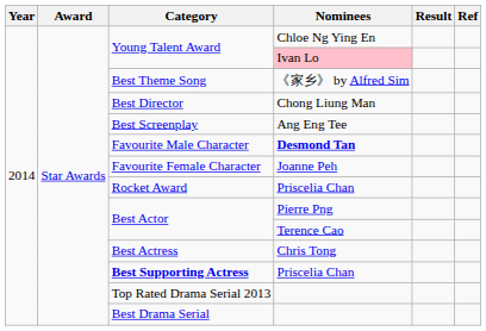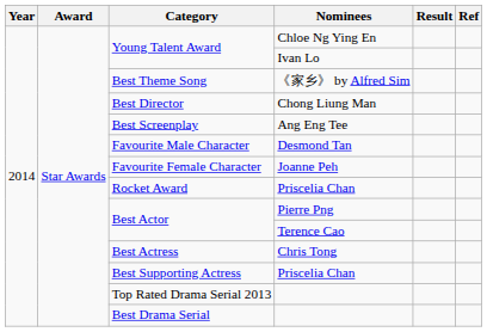 <table class="wikitable sortable">
 <tr>
 <th>Year</th>
 <th>Award</th>
 <th>Category</th>
 <th>Nominees</th>
 <th>Result</th>
 <th>Ref</th>
 </tr>
 <tr>
 <td rowspan="14">2014</td>
 <td rowspan="14"><a href='#'>Star Awards</a></td>
 <td rowspan="2"><a href='#'>Young Talent Award</a></td>
 <td>Chloe Ng Ying En</td>
 <td></td>
 <td></td>
 </tr>
 <tr>
-<td style="background: pink;">Ivan Lo</td>
+<td>Ivan Lo</td>
 <td></td>
 <td></td>
 </tr>
 <tr>
 <td><a href='#'>Best Theme Song</a></td>
 <td>《家乡》 by <a href='#'>Alfred Sim</a></td>
 <td></td>
 <td></td>
 </tr>
 <tr>
 <td><a href='#'>Best Director</a></td>
 <td>Chong Liung Man</td>
 <td></td>
 <td></td>
 </tr>
 <tr>
 <td><a href='#'>Best Screenplay</a></td>
 <td>Ang Eng Tee</td>
 <td></td>
 <td></td>
 </tr>
 <tr>
 <td><a href='#'>Favourite Male Character</a></td>
-<td><strong><a href='#'>Desmond Tan</a></strong></td>
+<td><a href='#'>Desmond Tan</a></td>
 <td></td>
 <td></td>
 </tr>
 <tr>
 <td><a href='#'>Favourite Female Character</a></td>
 <td><a href='#'>Joanne Peh</a></td>
 <td></td>
 <td></td>
 </tr>
 <tr>
 <td><a href='#'>Rocket Award</a></td>
 <td><a href='#'>Priscelia Chan</a></td>
 <td></td>
 <td></td>
 </tr>
 <tr>
 <td rowspan="2"><a href='#'>Best Actor</a></td>
 <td><a href='#'>Pierre Png</a></td>
 <td></td>
 <td></td>
 </tr>
 <tr>
 <td><a href='#'>Terence Cao</a></td>
 <td></td>
 <td></td>
 </tr>
 <tr>
 <td><a href='#'>Best Actress</a></td>
 <td><a href='#'>Chris Tong</a></td>
 <td></td>
 <td></td>
 </tr>
 <tr>
-<td><strong><a href='#'>Best Supporting Actress</a></strong></td>
+<td><a href='#'>Best Supporting Actress</a></td>
 <td><a href='#'>Priscelia Chan</a></td>
 <td></td>
 <td></td>
 </tr>
 <tr>
 <td>Top Rated Drama Serial 2013</td>
 <td></td>
 <td></td>
 <td></td>
 </tr>
 <tr>
 <td><a href='#'>Best Drama Serial</a></td>
 <td></td>
 <td></td>
 <td></td>
 </tr>
 </table>
